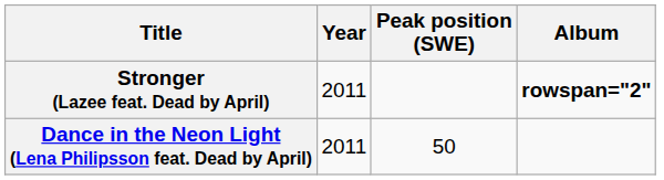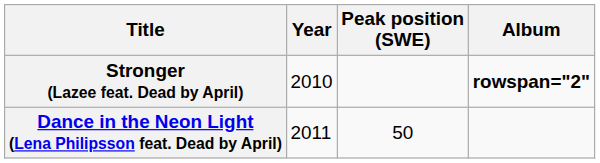 <table class="wikitable plainrowheaders">
 <tr>
 <th>Title</th>
 <th>Year</th>
 <th>Peak position<br>(SWE)<br></th>
 <th>Album</th>
 </tr>
 <tr>
 <th scope="row">Stronger <br><small>(Lazee feat. Dead by April)</small></th>
-<td>2011</td>
+<td>2010</td>
 <td style="text-align:center;"></td>
 <td><strong>rowspan="2" </strong></td>
 </tr>
 <tr>
 <th scope="row"><a href='#'>Dance in the Neon Light</a> <br><small>(<a href='#'>Lena Philipsson</a> feat. Dead by April)</small></th>
 <td>2011</td>
 <td style="text-align:center;">50</td>
 </tr>
 </table>
